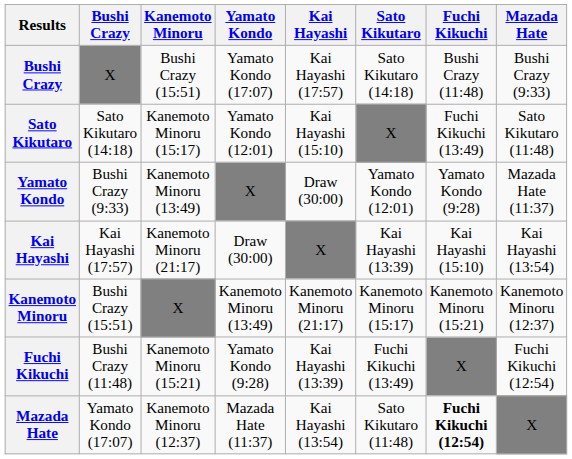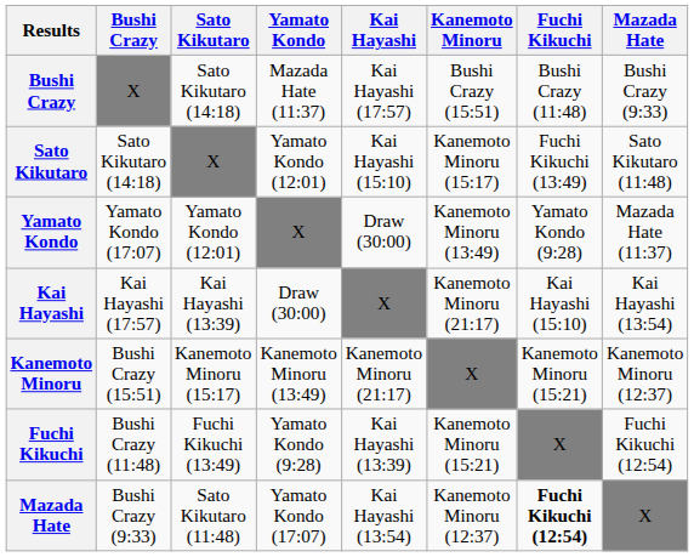 <table class="wikitable" style="text-align:center; margin: 1em auto 1em auto">
 <tr>
 <th>Results</th>
 <th><a href='#'>Bushi</a><br><a href='#'>Crazy</a></th>
-<th><a href='#'>Kanemoto</a><br><a href='#'>Minoru</a></th>
+<th><a href='#'>Sato</a><br><a href='#'>Kikutaro</a></th>
 <th><a href='#'>Yamato</a><br><a href='#'>Kondo</a></th>
 <th><a href='#'>Kai</a><br><a href='#'>Hayashi</a></th>
-<th><a href='#'>Sato</a><br><a href='#'>Kikutaro</a></th>
+<th><a href='#'>Kanemoto</a><br><a href='#'>Minoru</a></th>
 <th><a href='#'>Fuchi</a><br><a href='#'>Kikuchi</a></th>
 <th><a href='#'>Mazada</a><br><a href='#'>Hate</a></th>
 </tr>
 <tr>
 <th><a href='#'>Bushi</a><br><a href='#'>Crazy</a></th>
 <td bgcolor=grey>X</td>
+<td>Sato<br>Kikutaro<br>(14:18)</td>
+<td>Mazada<br>Hate<br>(11:37)</td>
+<td>Kai<br>Hayashi<br>(17:57)</td>
 <td>Bushi<br>Crazy<br>(15:51)</td>
-<td>Yamato<br>Kondo<br>(17:07)</td>
-<td>Kai<br>Hayashi<br>(17:57)</td>
-<td>Sato<br>Kikutaro<br>(14:18)</td>
 <td>Bushi<br>Crazy<br>(11:48)</td>
 <td>Bushi<br>Crazy<br>(9:33)</td>
 </tr>
 <tr>
 <th><a href='#'>Sato</a><br><a href='#'>Kikutaro</a></th>
 <td>Sato<br>Kikutaro<br>(14:18)</td>
-<td>Kanemoto<br>Minoru<br>(15:17)</td>
+<td bgcolor=grey>X</td>
 <td>Yamato<br>Kondo<br>(12:01)</td>
 <td>Kai<br>Hayashi<br>(15:10)</td>
-<td bgcolor=grey>X</td>
+<td>Kanemoto<br>Minoru<br>(15:17)</td>
 <td>Fuchi<br>Kikuchi<br>(13:49)</td>
 <td>Sato<br>Kikutaro<br>(11:48)</td>
 </tr>
 <tr>
 <th><a href='#'>Yamato</a><br><a href='#'>Kondo</a></th>
-<td>Bushi<br>Crazy<br>(9:33)</td>
-<td>Kanemoto<br>Minoru<br>(13:49)</td>
+<td>Yamato<br>Kondo<br>(17:07)</td>
+<td>Yamato<br>Kondo<br>(12:01)</td>
 <td bgcolor=grey>X</td>
 <td>Draw<br>(30:00)</td>
-<td>Yamato<br>Kondo<br>(12:01)</td>
+<td>Kanemoto<br>Minoru<br>(13:49)</td>
 <td>Yamato<br>Kondo<br>(9:28)</td>
 <td>Mazada<br>Hate<br>(11:37)</td>
 </tr>
 <tr>
 <th><a href='#'>Kai</a><br><a href='#'>Hayashi</a></th>
 <td>Kai<br>Hayashi<br>(17:57)</td>
-<td>Kanemoto<br>Minoru<br>(21:17)</td>
+<td>Kai<br>Hayashi<br>(13:39)</td>
 <td>Draw<br>(30:00)</td>
 <td bgcolor=grey>X</td>
-<td>Kai<br>Hayashi<br>(13:39)</td>
+<td>Kanemoto<br>Minoru<br>(21:17)</td>
 <td>Kai<br>Hayashi<br>(15:10)</td>
 <td>Kai<br>Hayashi<br>(13:54)</td>
 </tr>
 <tr>
 <th><a href='#'>Kanemoto</a><br><a href='#'>Minoru</a></th>
 <td>Bushi<br>Crazy<br>(15:51)</td>
-<td bgcolor=grey>X</td>
+<td>Kanemoto<br>Minoru<br>(15:17)</td>
 <td>Kanemoto<br>Minoru<br>(13:49)</td>
 <td>Kanemoto<br>Minoru<br>(21:17)</td>
-<td>Kanemoto<br>Minoru<br>(15:17)</td>
+<td bgcolor=grey>X</td>
 <td>Kanemoto<br>Minoru<br>(15:21)</td>
 <td>Kanemoto<br>Minoru<br>(12:37)</td>
 </tr>
 <tr>
 <th><a href='#'>Fuchi</a><br><a href='#'>Kikuchi</a></th>
 <td>Bushi<br>Crazy<br>(11:48)</td>
-<td>Kanemoto<br>Minoru<br>(15:21)</td>
+<td>Fuchi<br>Kikuchi<br>(13:49)</td>
 <td>Yamato<br>Kondo<br>(9:28)</td>
 <td>Kai<br>Hayashi<br>(13:39)</td>
-<td>Fuchi<br>Kikuchi<br>(13:49)</td>
+<td>Kanemoto<br>Minoru<br>(15:21)</td>
 <td bgcolor=grey>X</td>
 <td>Fuchi<br>Kikuchi<br>(12:54)</td>
 </tr>
 <tr>
 <th><a href='#'>Mazada</a><br><a href='#'>Hate</a></th>
+<td>Bushi<br>Crazy<br>(9:33)</td>
+<td>Sato<br>Kikutaro<br>(11:48)</td>
 <td>Yamato<br>Kondo<br>(17:07)</td>
+<td>Kai<br>Hayashi<br>(13:54)</td>
 <td>Kanemoto<br>Minoru<br>(12:37)</td>
-<td>Mazada<br>Hate<br>(11:37)</td>
-<td>Kai<br>Hayashi<br>(13:54)</td>
-<td>Sato<br>Kikutaro<br>(11:48)</td>
 <td><strong>Fuchi<br>Kikuchi<br>(12:54)</strong></td>
 <td bgcolor=grey>X</td>
 </tr>
 </table>
